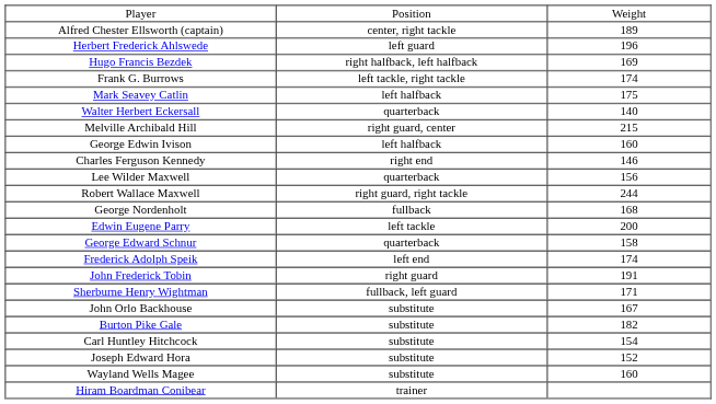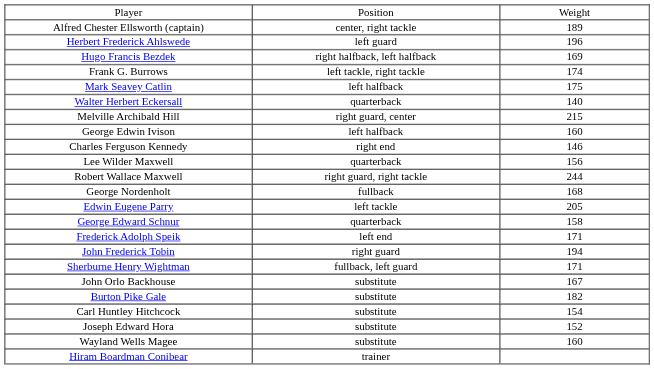 <table cellpadding="1" border="1" cellspacing="0" width="60%" style="text-align:center;">
 <tr>
 <td>Player</td>
 <td>Position</td>
 <td>Weight</td>
 </tr>
 <tr align="center" bgcolor="">
 <td>Alfred Chester Ellsworth (captain)</td>
 <td>center, right tackle</td>
 <td>189</td>
 </tr>
 <tr align="center" bgcolor="">
 <td><a href='#'>Herbert Frederick Ahlswede</a></td>
 <td>left guard</td>
 <td>196</td>
 </tr>
 <tr align="center" bgcolor="">
 <td><a href='#'>Hugo Francis Bezdek</a></td>
 <td>right halfback, left halfback</td>
 <td>169</td>
 </tr>
 <tr align="center" bgcolor="">
 <td>Frank G. Burrows</td>
 <td>left tackle, right tackle</td>
 <td>174</td>
 </tr>
 <tr align="center" bgcolor="">
 <td><a href='#'>Mark Seavey Catlin</a></td>
 <td>left halfback</td>
 <td>175</td>
 </tr>
 <tr align="center" bgcolor="">
 <td><a href='#'>Walter Herbert Eckersall</a></td>
 <td>quarterback</td>
 <td>140</td>
 </tr>
 <tr align="center" bgcolor="">
 <td>Melville Archibald Hill</td>
 <td>right guard, center</td>
 <td>215</td>
 </tr>
 <tr align="center" bgcolor="">
 <td>George Edwin Ivison</td>
 <td>left halfback</td>
 <td>160</td>
 </tr>
 <tr align="center" bgcolor="">
 <td>Charles Ferguson Kennedy</td>
 <td>right end</td>
 <td>146</td>
 </tr>
 <tr align="center" bgcolor="">
 <td width="250">Lee Wilder Maxwell</td>
 <td width="250">quarterback</td>
 <td width="150">156</td>
 </tr>
 <tr align="center" bgcolor="">
 <td>Robert Wallace Maxwell</td>
 <td>right guard, right tackle</td>
 <td>244</td>
 </tr>
 <tr align="center" bgcolor="">
 <td>George Nordenholt</td>
 <td>fullback</td>
 <td>168</td>
 </tr>
 <tr align="center" bgcolor="">
 <td><a href='#'>Edwin Eugene Parry</a></td>
 <td>left tackle</td>
-<td>200</td>
+<td>205</td>
 </tr>
 <tr align="center" bgcolor="">
 <td><a href='#'>George Edward Schnur</a></td>
 <td>quarterback</td>
 <td>158</td>
 </tr>
 <tr align="center" bgcolor="">
 <td><a href='#'>Frederick Adolph Speik</a></td>
 <td>left end</td>
-<td>174</td>
+<td>171</td>
 </tr>
 <tr align="center" bgcolor="">
 <td><a href='#'>John Frederick Tobin</a></td>
 <td>right guard</td>
-<td>191</td>
+<td>194</td>
 </tr>
 <tr align="center" bgcolor="">
 <td><a href='#'>Sherburne Henry Wightman</a></td>
 <td>fullback, left guard</td>
 <td>171</td>
 </tr>
 <tr align="center" bgcolor="">
 <td>John Orlo Backhouse</td>
 <td>substitute</td>
 <td>167</td>
 </tr>
 <tr align="center" bgcolor="">
 <td><a href='#'>Burton Pike Gale</a></td>
 <td>substitute</td>
 <td>182</td>
 </tr>
 <tr align="center" bgcolor="">
 <td>Carl Huntley Hitchcock</td>
 <td>substitute</td>
 <td>154</td>
 </tr>
 <tr align="center" bgcolor="">
 <td>Joseph Edward Hora</td>
 <td>substitute</td>
 <td>152</td>
 </tr>
 <tr align="center" bgcolor="">
 <td>Wayland Wells Magee</td>
 <td>substitute</td>
 <td>160</td>
 </tr>
 <tr align="center" bgcolor="">
 <td><a href='#'>Hiram Boardman Conibear</a></td>
 <td>trainer</td>
 <td></td>
 </tr>
 <tr align="center" bgcolor="">
 </tr>
 </table>
